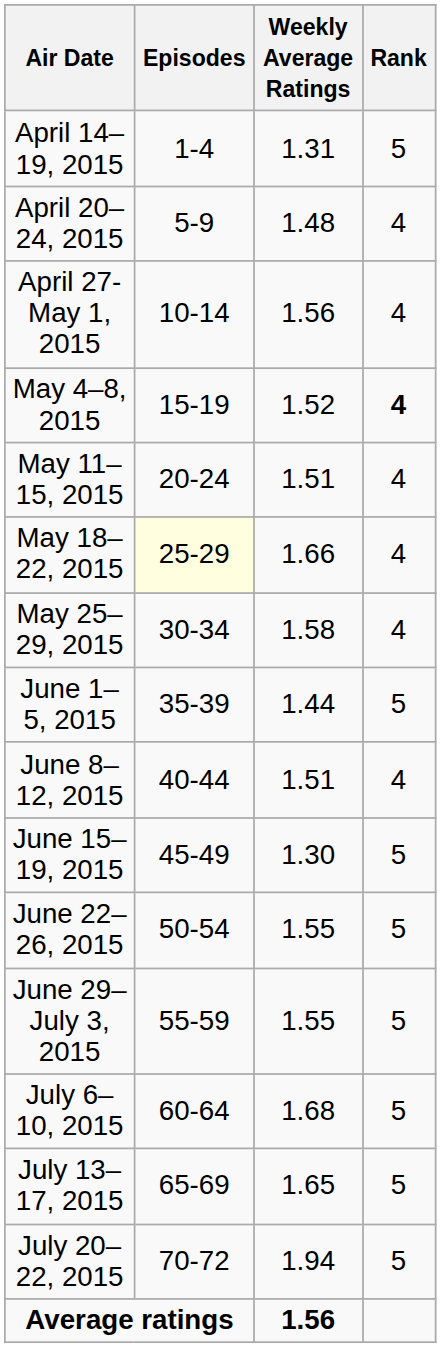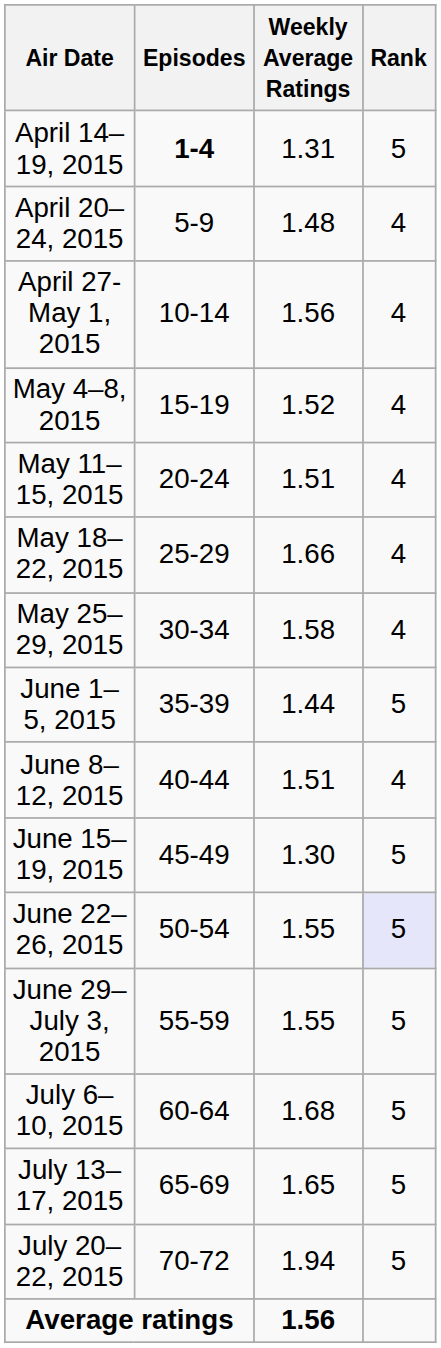 <table class="wikitable" style="text-align:center;width:40%;">
 <tr>
 <th width="25%"><small>Air Date</small></th>
 <th width="5%"><small>Episodes</small></th>
 <th width="6%"><small>Weekly Average Ratings</small></th>
 <th width="4%"><small>Rank</small></th>
 </tr>
 <tr>
 <td>April 14–19, 2015</td>
-<td>1-4</td>
+<td><strong>1-4</strong></td>
 <td>1.31</td>
 <td>5</td>
 </tr>
 <tr>
 <td>April 20–24, 2015</td>
 <td>5-9</td>
 <td>1.48</td>
 <td>4</td>
 </tr>
 <tr>
 <td>April 27-May 1, 2015</td>
 <td>10-14</td>
 <td>1.56</td>
 <td>4</td>
 </tr>
 <tr>
 <td>May 4–8, 2015</td>
 <td>15-19</td>
 <td>1.52</td>
-<td><strong>4</strong></td>
+<td>4</td>
 </tr>
 <tr>
 <td>May 11–15, 2015</td>
 <td>20-24</td>
 <td>1.51</td>
 <td>4</td>
 </tr>
 <tr>
 <td>May 18–22, 2015</td>
-<td style="background: lightyellow;">25-29</td>
+<td>25-29</td>
 <td>1.66</td>
 <td>4</td>
 </tr>
 <tr>
 <td>May 25–29, 2015</td>
 <td>30-34</td>
 <td>1.58</td>
 <td>4</td>
 </tr>
 <tr>
 <td>June 1–5, 2015</td>
 <td>35-39</td>
 <td>1.44</td>
 <td>5</td>
 </tr>
 <tr>
 <td>June 8–12, 2015</td>
 <td>40-44</td>
 <td>1.51</td>
 <td>4</td>
 </tr>
 <tr>
 <td>June 15–19, 2015</td>
 <td>45-49</td>
 <td>1.30</td>
 <td>5</td>
 </tr>
 <tr>
 <td>June 22–26, 2015</td>
 <td>50-54</td>
 <td>1.55</td>
-<td>5</td>
+<td style="background: lavender;">5</td>
 </tr>
 <tr>
 <td>June 29–July 3, 2015</td>
 <td>55-59</td>
 <td>1.55</td>
 <td>5</td>
 </tr>
 <tr>
 <td>July 6–10, 2015</td>
 <td>60-64</td>
 <td>1.68</td>
 <td>5</td>
 </tr>
 <tr>
 <td>July 13–17, 2015</td>
 <td>65-69</td>
 <td>1.65</td>
 <td>5</td>
 </tr>
 <tr>
 <td>July 20–22, 2015</td>
 <td>70-72</td>
 <td>1.94</td>
 <td>5</td>
 </tr>
 <tr>
 <td colspan=2><strong>Average ratings</strong></td>
 <td><strong>1.56</strong></td>
 <td></td>
 </tr>
 </table>
